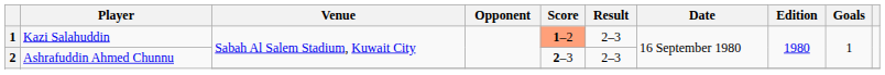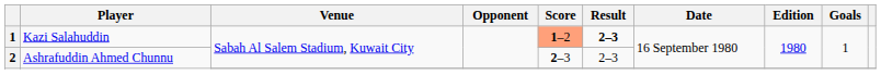 <table class="wikitable sortable" style="text-align:centre; font-size: 95%;width: 1020px">
 <tr>
 <th scope=col data-sort-type="number"></th>
 <th scope=col>Player</th>
 <th scope=col>Venue</th>
 <th scope=col>Opponent</th>
 <th scope=col>Score</th>
 <th scope=col>Result</th>
 <th scope=col>Date</th>
 <th scope=col>Edition</th>
 <th scope=col data-sort-type="number">Goals</th>
 <th scope="col" class=unsortable></th>
 </tr>
 <tr>
 <th scope=row>1</th>
 <td><a href='#'>Kazi Salahuddin</a></td>
 <td rowspan="2"><a href='#'>Sabah Al Salem Stadium</a>, <a href='#'>Kuwait City</a></td>
 <td align=center rowspan="2"></td>
 <td align=center style="background: lightsalmon;"><strong>1</strong>–2</td>
-<td align=center>2–3</td>
+<td align=center><strong>2–3</strong></td>
 <td rowspan="2">16 September 1980</td>
 <td align=center rowspan="2"><a href='#'>1980</a></td>
 <td align=center rowspan=2>1</td>
 <td rowspan="2"></td>
 </tr>
 <tr>
 <th scope=row rowspan="2">2</th>
 <td rowspan="2"><a href='#'>Ashrafuddin Ahmed Chunnu</a></td>
 <td align=center><strong>2</strong>–3</td>
 <td align=center>2–3</td>
 </tr>
 <tr>
 </tr>
 </table>
